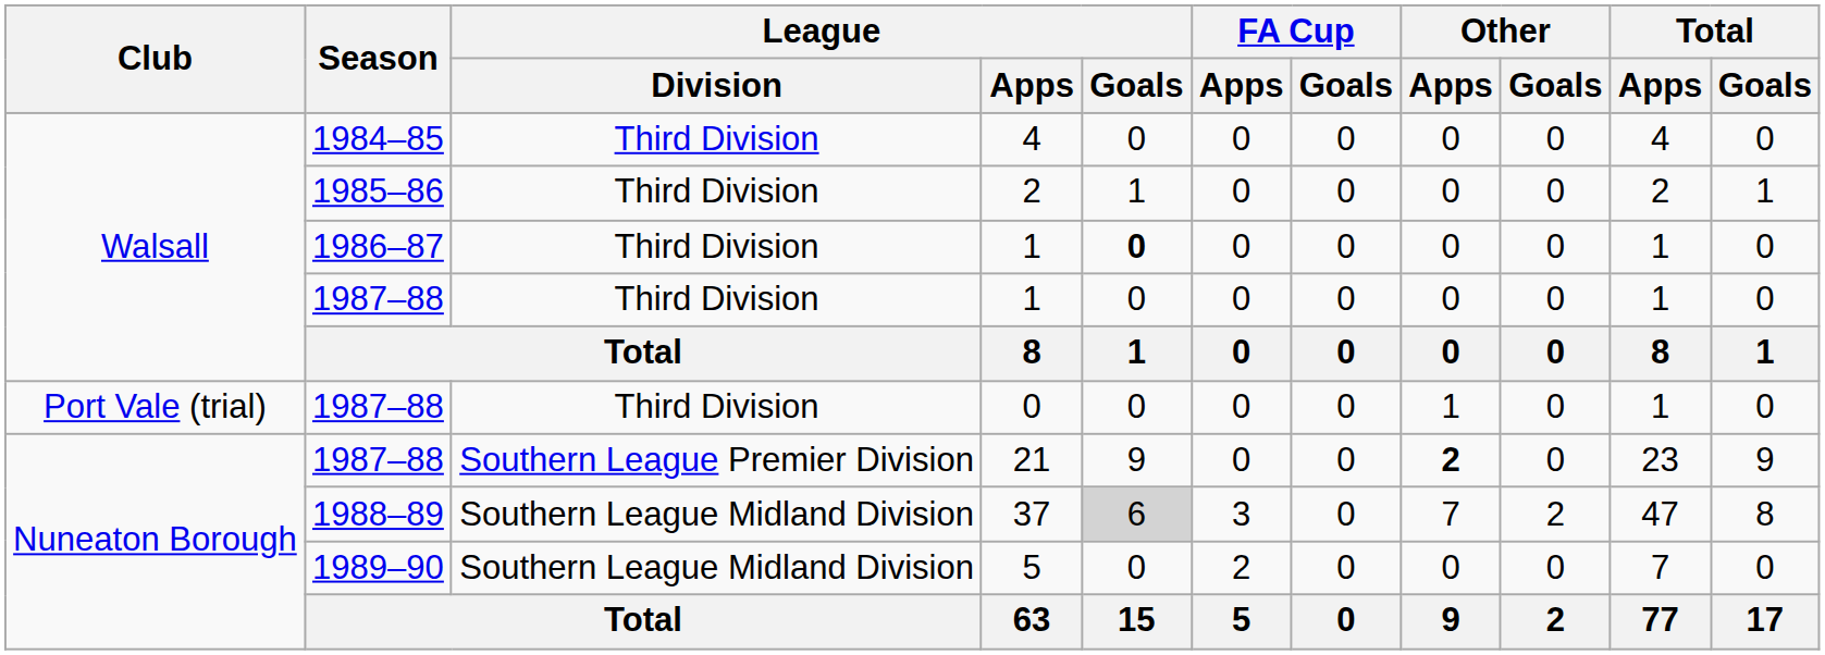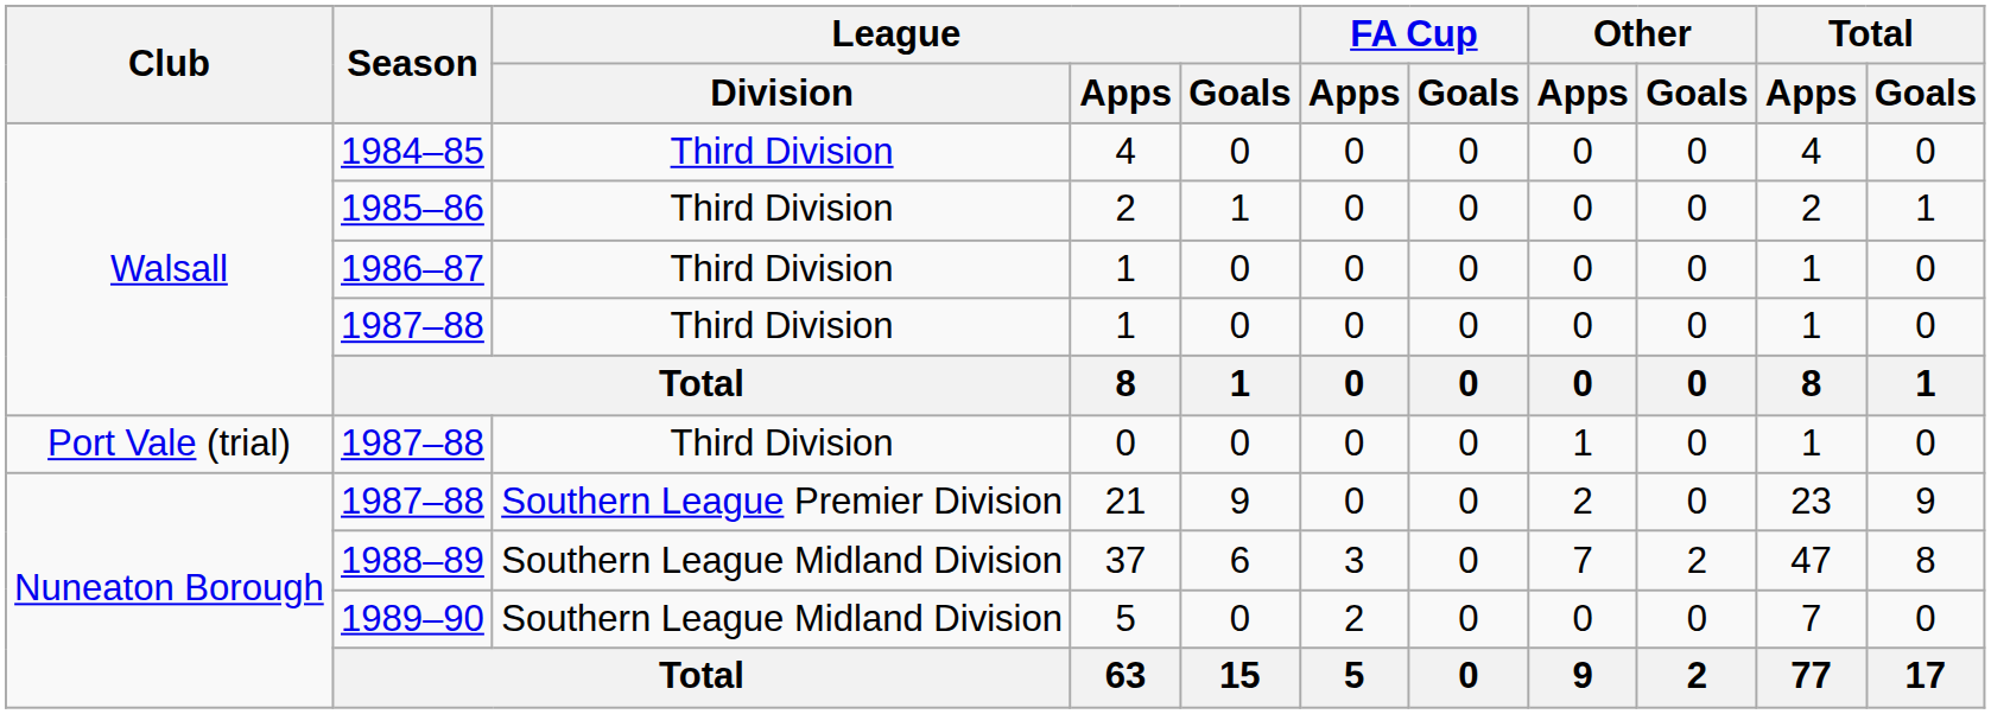 <table class="wikitable" style="text-align:center">
 <tr>
 <th rowspan="2">Club</th>
 <th rowspan="2">Season</th>
 <th colspan="3">League</th>
 <th colspan="2"><a href='#'>FA Cup</a></th>
 <th colspan="2">Other</th>
 <th colspan="2">Total</th>
 </tr>
 <tr>
 <th>Division</th>
 <th>Apps</th>
 <th>Goals</th>
 <th>Apps</th>
 <th>Goals</th>
 <th>Apps</th>
 <th>Goals</th>
 <th>Apps</th>
 <th>Goals</th>
 </tr>
 <tr>
 <td rowspan="5"><a href='#'>Walsall</a></td>
 <td><a href='#'>1984–85</a></td>
 <td><a href='#'>Third Division</a></td>
 <td>4</td>
 <td>0</td>
 <td>0</td>
 <td>0</td>
 <td>0</td>
 <td>0</td>
 <td>4</td>
 <td>0</td>
 </tr>
 <tr>
 <td><a href='#'>1985–86</a></td>
 <td>Third Division</td>
 <td>2</td>
 <td>1</td>
 <td>0</td>
 <td>0</td>
 <td>0</td>
 <td>0</td>
 <td>2</td>
 <td>1</td>
 </tr>
 <tr>
 <td><a href='#'>1986–87</a></td>
 <td>Third Division</td>
 <td>1</td>
-<td><strong>0</strong></td>
+<td>0</td>
 <td>0</td>
 <td>0</td>
 <td>0</td>
 <td>0</td>
 <td>1</td>
 <td>0</td>
 </tr>
 <tr>
 <td><a href='#'>1987–88</a></td>
 <td>Third Division</td>
 <td>1</td>
 <td>0</td>
 <td>0</td>
 <td>0</td>
 <td>0</td>
 <td>0</td>
 <td>1</td>
 <td>0</td>
 </tr>
 <tr>
 <th colspan="2">Total</th>
 <th>8</th>
 <th>1</th>
 <th>0</th>
 <th>0</th>
 <th>0</th>
 <th>0</th>
 <th>8</th>
 <th>1</th>
 </tr>
 <tr>
 <td><a href='#'>Port Vale</a> (trial)</td>
 <td><a href='#'>1987–88</a></td>
 <td>Third Division</td>
 <td>0</td>
 <td>0</td>
 <td>0</td>
 <td>0</td>
 <td>1</td>
 <td>0</td>
 <td>1</td>
 <td>0</td>
 </tr>
 <tr>
 <td rowspan="4"><a href='#'>Nuneaton Borough</a></td>
 <td><a href='#'>1987–88</a></td>
 <td><a href='#'>Southern League</a> Premier Division</td>
 <td>21</td>
 <td>9</td>
 <td>0</td>
 <td>0</td>
-<td><strong>2</strong></td>
+<td>2</td>
 <td>0</td>
 <td>23</td>
 <td>9</td>
 </tr>
 <tr>
 <td><a href='#'>1988–89</a></td>
 <td>Southern League Midland Division</td>
 <td>37</td>
-<td style="background: lightgrey;">6</td>
+<td>6</td>
 <td>3</td>
 <td>0</td>
 <td>7</td>
 <td>2</td>
 <td>47</td>
 <td>8</td>
 </tr>
 <tr>
 <td><a href='#'>1989–90</a></td>
 <td>Southern League Midland Division</td>
 <td>5</td>
 <td>0</td>
 <td>2</td>
 <td>0</td>
 <td>0</td>
 <td>0</td>
 <td>7</td>
 <td>0</td>
 </tr>
 <tr>
 <th colspan="2">Total</th>
 <th>63</th>
 <th>15</th>
 <th>5</th>
 <th>0</th>
 <th>9</th>
 <th>2</th>
 <th>77</th>
 <th>17</th>
 </tr>
 </table>
